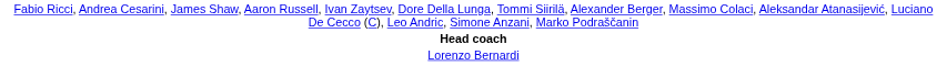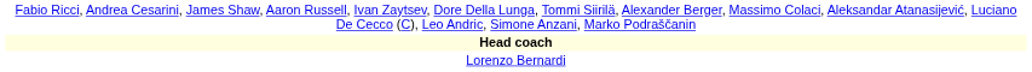 <table style="text-align: center; margin-top: 2em; margin-left: auto; margin-right: auto">
 <tr>
 <td><a href='#'>Fabio Ricci</a>, <a href='#'>Andrea Cesarini</a>, <a href='#'>James Shaw</a>, <a href='#'>Aaron Russell</a>, <a href='#'>Ivan Zaytsev</a>, <a href='#'>Dore Della Lunga</a>, <a href='#'>Tommi Siirilä</a>, <a href='#'>Alexander Berger</a>, <a href='#'>Massimo Colaci</a>, <a href='#'>Aleksandar Atanasijević</a>, <a href='#'>Luciano De Cecco</a> (<a href='#'>C</a>), <a href='#'>Leo Andric</a>, <a href='#'>Simone Anzani</a>, <a href='#'>Marko Podraščanin</a></td>
 </tr>
 <tr>
-<td><strong>Head coach</strong></td>
+<td style="background: lightyellow;"><strong>Head coach</strong></td>
 </tr>
 <tr>
 <td><a href='#'>Lorenzo Bernardi</a></td>
 </tr>
 </table>
